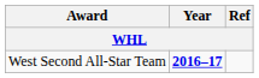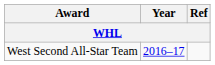 <table class="wikitable">
 <tr>
 <th>Award</th>
 <th>Year</th>
 <th>Ref</th>
 </tr>
 <tr>
 <th colspan="3"><a href='#'>WHL</a></th>
 </tr>
 <tr>
 <td>West Second All-Star Team</td>
-<td><strong><a href='#'>2016–17</a></strong></td>
+<td><a href='#'>2016–17</a></td>
 <td></td>
 </tr>
 </table>
